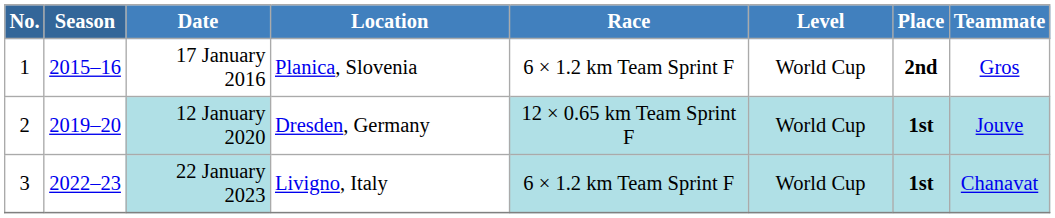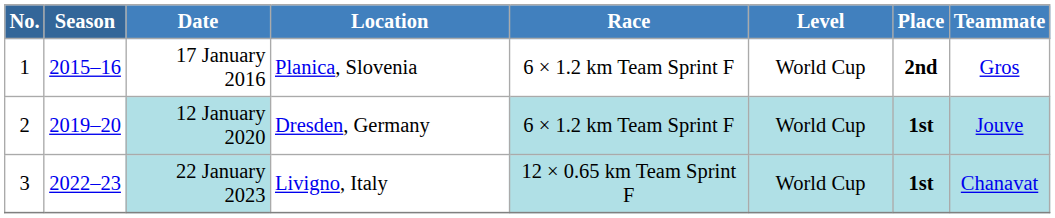 <table class="wikitable sortable" style="font-size:95%; text-align:center; border:grey solid 1px; border-collapse:collapse; background:#ffffff;">
 <tr style="background:#efefef;">
 <th style="background-color:#369; color:white;">No.</th>
 <th style="background-color:#369; color:white;">Season</th>
 <th style="background-color:#4180be; color:white; width:100px;">Date</th>
 <th style="background-color:#4180be; color:white; width:170px;">Location</th>
 <th style="background-color:#4180be; color:white; width:170px;">Race</th>
 <th style="background-color:#4180be; color:white; width:100px;">Level</th>
 <th style="background-color:#4180be; color:white;">Place</th>
 <th style="background-color:#4180be; color:white;">Teammate</th>
 </tr>
 <tr>
 <td align=center>1</td>
 <td rowspan=1 align=center><a href='#'>2015–16</a></td>
 <td align=right>17 January 2016</td>
 <td align=left> <a href='#'>Planica</a>, Slovenia</td>
 <td>6 × 1.2 km Team Sprint F</td>
 <td>World Cup</td>
 <td><strong>2nd</strong></td>
 <td><a href='#'>Gros</a></td>
 </tr>
 <tr>
 <td align=center>2</td>
 <td rowspan=1 align=center><a href='#'>2019–20</a></td>
 <td bgcolor="#BOEOE6" align=right>12 January 2020</td>
 <td align=left> <a href='#'>Dresden</a>, Germany</td>
-<td bgcolor="#BOEOE6">12 × 0.65 km Team Sprint F</td>
+<td bgcolor="#BOEOE6">6 × 1.2 km Team Sprint F</td>
 <td bgcolor="#BOEOE6">World Cup</td>
 <td bgcolor="#BOEOE6"><strong>1st</strong></td>
 <td bgcolor="#BOEOE6"><a href='#'>Jouve</a></td>
 </tr>
 <tr>
 <td align=center>3</td>
 <td rowspan=1 align=center><a href='#'>2022–23</a></td>
 <td bgcolor="#BOEOE6" align=right>22 January 2023</td>
 <td align=left> <a href='#'>Livigno</a>, Italy</td>
-<td bgcolor="#BOEOE6">6 × 1.2 km Team Sprint F</td>
+<td bgcolor="#BOEOE6">12 × 0.65 km Team Sprint F</td>
 <td bgcolor="#BOEOE6">World Cup</td>
 <td bgcolor="#BOEOE6"><strong>1st</strong></td>
 <td bgcolor="#BOEOE6"><a href='#'>Chanavat</a></td>
 </tr>
 <tr>
 </tr>
 </table>
